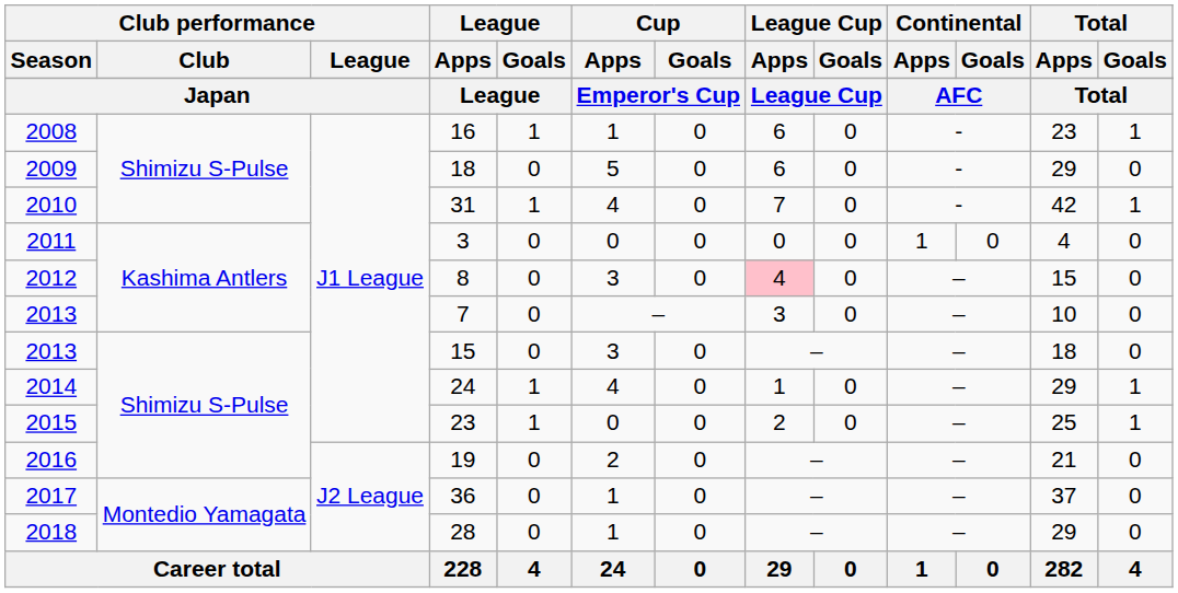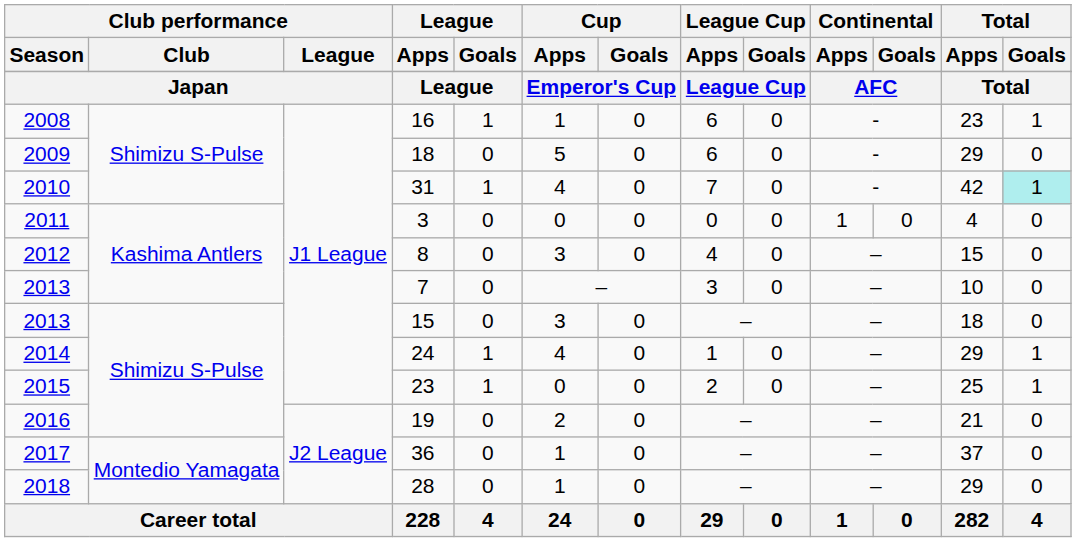 <table class="wikitable" style="text-align:center">
 <tr>
 <th colspan=3>Club performance</th>
 <th colspan=2>League</th>
 <th colspan=2>Cup</th>
 <th colspan=2>League Cup</th>
 <th colspan=2>Continental</th>
 <th colspan=2>Total</th>
 </tr>
 <tr>
 <th>Season</th>
 <th>Club</th>
 <th>League</th>
 <th>Apps</th>
 <th>Goals</th>
 <th>Apps</th>
 <th>Goals</th>
 <th>Apps</th>
 <th>Goals</th>
 <th>Apps</th>
 <th>Goals</th>
 <th>Apps</th>
 <th>Goals</th>
 </tr>
 <tr>
 </tr>
 <tr>
 <th colspan=3>Japan</th>
 <th colspan=2>League</th>
 <th colspan=2><a href='#'>Emperor's Cup</a></th>
 <th colspan=2><a href='#'>League Cup</a></th>
 <th colspan=2><a href='#'>AFC</a></th>
 <th colspan=2>Total</th>
 </tr>
 <tr>
 <td><a href='#'>2008</a></td>
 <td rowspan="3"><a href='#'>Shimizu S-Pulse</a></td>
 <td rowspan="9"><a href='#'>J1 League</a></td>
 <td>16</td>
 <td>1</td>
 <td>1</td>
 <td>0</td>
 <td>6</td>
 <td>0</td>
 <td colspan="2">-</td>
 <td>23</td>
 <td>1</td>
 </tr>
 <tr>
 <td><a href='#'>2009</a></td>
 <td>18</td>
 <td>0</td>
 <td>5</td>
 <td>0</td>
 <td>6</td>
 <td>0</td>
 <td colspan="2">-</td>
 <td>29</td>
 <td>0</td>
 </tr>
 <tr>
 <td><a href='#'>2010</a></td>
 <td>31</td>
 <td>1</td>
 <td>4</td>
 <td>0</td>
 <td>7</td>
 <td>0</td>
 <td colspan="2">-</td>
 <td>42</td>
-<td>1</td>
+<td style="background: paleturquoise;">1</td>
 </tr>
 <tr>
 <td><a href='#'>2011</a></td>
 <td rowspan="3"><a href='#'>Kashima Antlers</a></td>
 <td>3</td>
 <td>0</td>
 <td>0</td>
 <td>0</td>
 <td>0</td>
 <td>0</td>
 <td>1</td>
 <td>0</td>
 <td>4</td>
 <td>0</td>
 </tr>
 <tr>
 <td><a href='#'>2012</a></td>
 <td>8</td>
 <td>0</td>
 <td>3</td>
 <td>0</td>
-<td style="background: pink;">4</td>
+<td>4</td>
 <td>0</td>
 <td colspan="2">–</td>
 <td>15</td>
 <td>0</td>
 </tr>
 <tr>
 <td><a href='#'>2013</a></td>
 <td>7</td>
 <td>0</td>
 <td colspan="2">–</td>
 <td>3</td>
 <td>0</td>
 <td colspan="2">–</td>
 <td>10</td>
 <td>0</td>
 </tr>
 <tr>
 <td><a href='#'>2013</a></td>
 <td rowspan="4"><a href='#'>Shimizu S-Pulse</a></td>
 <td>15</td>
 <td>0</td>
 <td>3</td>
 <td>0</td>
 <td colspan="2">–</td>
 <td colspan="2">–</td>
 <td>18</td>
 <td>0</td>
 </tr>
 <tr>
 <td><a href='#'>2014</a></td>
 <td>24</td>
 <td>1</td>
 <td>4</td>
 <td>0</td>
 <td>1</td>
 <td>0</td>
 <td colspan="2">–</td>
 <td>29</td>
 <td>1</td>
 </tr>
 <tr>
 <td><a href='#'>2015</a></td>
 <td>23</td>
 <td>1</td>
 <td>0</td>
 <td>0</td>
 <td>2</td>
 <td>0</td>
 <td colspan="2">–</td>
 <td>25</td>
 <td>1</td>
 </tr>
 <tr>
 <td><a href='#'>2016</a></td>
 <td rowspan=3><a href='#'>J2 League</a></td>
 <td>19</td>
 <td>0</td>
 <td>2</td>
 <td>0</td>
 <td colspan="2">–</td>
 <td colspan="2">–</td>
 <td>21</td>
 <td>0</td>
 </tr>
 <tr>
 <td><a href='#'>2017</a></td>
 <td rowspan=2><a href='#'>Montedio Yamagata</a></td>
 <td>36</td>
 <td>0</td>
 <td>1</td>
 <td>0</td>
 <td colspan="2">–</td>
 <td colspan="2">–</td>
 <td>37</td>
 <td>0</td>
 </tr>
 <tr>
 <td><a href='#'>2018</a></td>
 <td>28</td>
 <td>0</td>
 <td>1</td>
 <td>0</td>
 <td colspan="2">–</td>
 <td colspan="2">–</td>
 <td>29</td>
 <td>0</td>
 </tr>
 <tr>
 <th colspan=3>Career total</th>
 <th>228</th>
 <th>4</th>
 <th>24</th>
 <th>0</th>
 <th>29</th>
 <th>0</th>
 <th>1</th>
 <th>0</th>
 <th>282</th>
 <th>4</th>
 </tr>
 </table>
